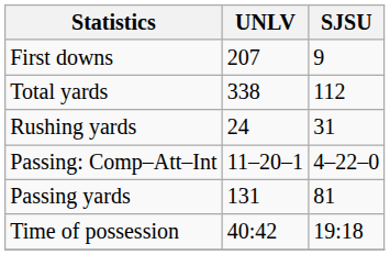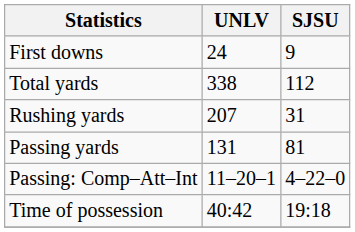 <table class="wikitable" style="float: left;">
 <tr>
 <th>Statistics</th>
 <th>UNLV</th>
 <th>SJSU</th>
 </tr>
 <tr>
 <td>First downs</td>
-<td>207</td>
+<td>24</td>
 <td>9</td>
 </tr>
 <tr>
 <td>Total yards</td>
 <td>338</td>
 <td>112</td>
 </tr>
 <tr>
 <td>Rushing yards</td>
-<td>24</td>
+<td>207</td>
 <td>31</td>
+</tr>
+<tr>
+<td>Passing yards</td>
+<td>131</td>
+<td>81</td>
 </tr>
 <tr>
 <td>Passing: Comp–Att–Int</td>
 <td>11–20–1</td>
 <td>4–22–0</td>
-</tr>
-<tr>
-<td>Passing yards</td>
-<td>131</td>
-<td>81</td>
 </tr>
 <tr>
 <td>Time of possession</td>
 <td>40:42</td>
 <td>19:18</td>
 </tr>
 <tr>
 </tr>
 </table>
